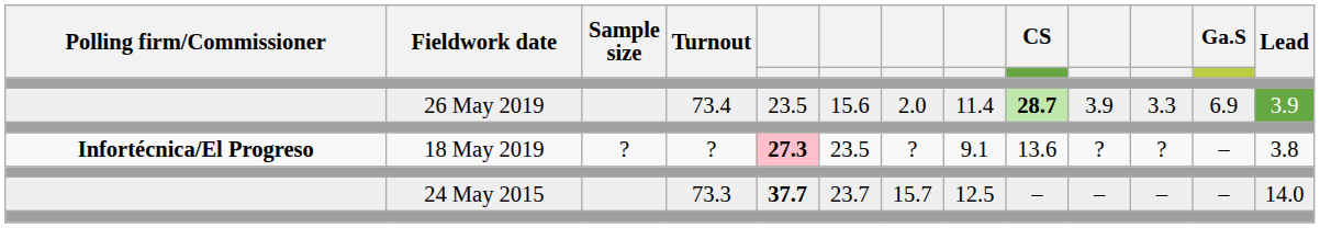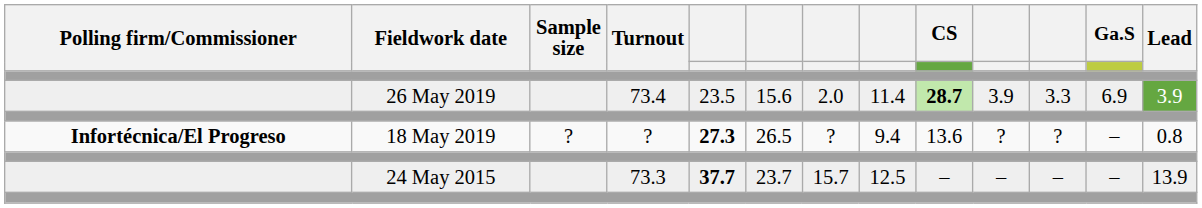 <table class="wikitable collapsible collapsed" style="text-align:center; font-size:95%; line-height:16px;">
 <tr style="height:42px;">
 <th style="width:250px;" rowspan="2">Polling firm/Commissioner</th>
 <th style="width:125px;" rowspan="2">Fieldwork date</th>
 <th style="width:50px;" rowspan="2">Sample size</th>
 <th style="width:45px;" rowspan="2">Turnout</th>
 <th style="width:35px;"></th>
 <th style="width:35px;"></th>
 <th style="width:35px;"></th>
 <th style="width:35px;"></th>
 <th style="width:35px;">CS</th>
 <th style="width:35px;"></th>
 <th style="width:35px;"></th>
 <th style="width:35px; font-size:95%;">Ga.S</th>
 <th style="width:30px;" rowspan="2">Lead</th>
 </tr>
 <tr>
 <th style="color:inherit;background:"></th>
 <th style="color:inherit;background:"></th>
 <th style="color:inherit;background:"></th>
 <th style="color:inherit;background:"></th>
 <th style="color:inherit;background:#65A741;"></th>
 <th style="color:inherit;background:"></th>
 <th style="color:inherit;background:"></th>
 <th style="color:inherit;background:#BDCC41;"></th>
 </tr>
 <tr>
 <td colspan="13" style="background:#A0A0A0"></td>
 </tr>
 <tr style="background:#EFEFEF;">
 <td><strong></strong></td>
 <td>26 May 2019</td>
 <td></td>
 <td>73.4</td>
 <td>23.5<br></td>
 <td>15.6<br></td>
 <td>2.0<br></td>
 <td>11.4<br></td>
 <td style="background:#C1E8AC;"><strong>28.7</strong><br></td>
 <td>3.9<br></td>
 <td>3.3<br></td>
 <td>6.9<br></td>
 <td style="background:#65A741; color:white;">3.9</td>
 </tr>
 <tr>
 <td colspan="13" style="background:#A0A0A0"></td>
 </tr>
 <tr>
 <td><strong>Infortécnica/El Progreso</strong></td>
 <td>18 May 2019</td>
 <td>?</td>
 <td>?</td>
-<td style="background: pink;"><strong>27.3</strong><br></td>
-<td>23.5<br></td>
+<td><strong>27.3</strong><br></td>
+<td>26.5<br></td>
 <td>?<br></td>
-<td>9.1<br></td>
+<td>9.4<br></td>
 <td>13.6<br></td>
 <td>?<br></td>
 <td>?<br></td>
 <td>–</td>
-<td style="background:">3.8</td>
+<td style="background:">0.8</td>
 </tr>
 <tr>
 <td colspan="13" style="background:#A0A0A0"></td>
 </tr>
 <tr style="background:#EFEFEF;">
 <td><strong></strong></td>
 <td>24 May 2015</td>
 <td></td>
 <td>73.3</td>
 <td><strong>37.7</strong><br></td>
 <td>23.7<br></td>
 <td>15.7<br></td>
 <td>12.5<br></td>
 <td>–</td>
 <td>–</td>
 <td>–</td>
 <td>–</td>
-<td style="background:">14.0</td>
+<td style="background:">13.9</td>
 </tr>
 <tr>
 <td colspan="13" style="background:#A0A0A0"></td>
 </tr>
 </table>
